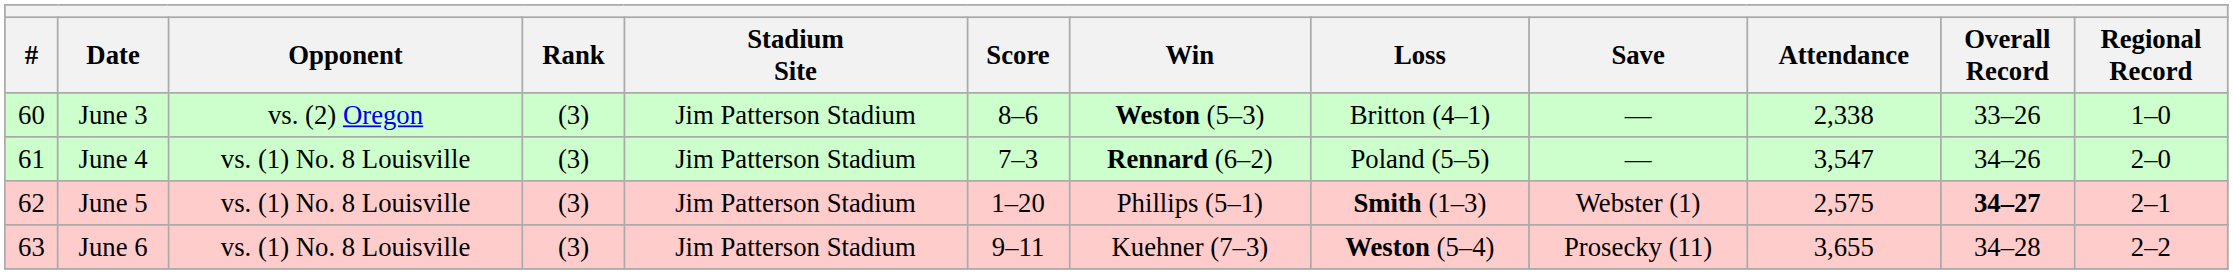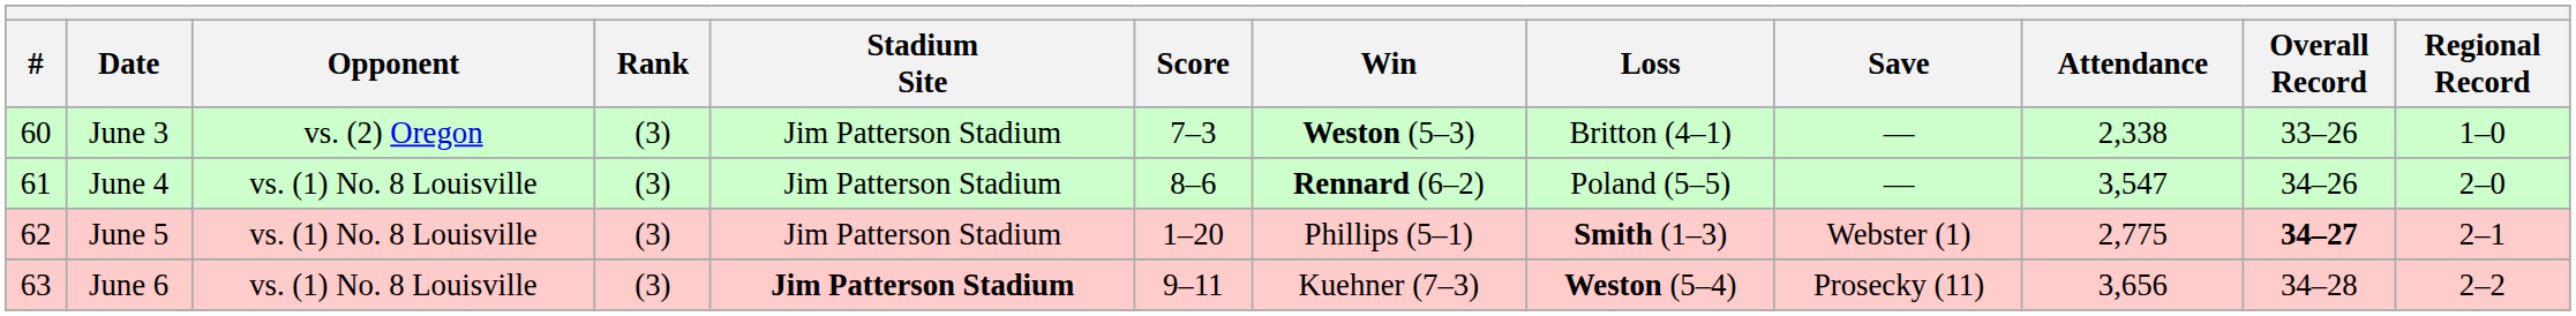 <table class="wikitable collapsible collapsed" style="margin:auto; width:100%; text-align:center; font-size:95%">
 <tr>
 <th colspan=12 style="padding-left:4em;"></th>
 </tr>
 <tr>
 <th>#</th>
 <th>Date</th>
 <th>Opponent</th>
 <th>Rank</th>
 <th>Stadium<br>Site</th>
 <th>Score</th>
 <th>Win</th>
 <th>Loss</th>
 <th>Save</th>
 <th>Attendance</th>
 <th>Overall<br>Record</th>
 <th>Regional<br>Record</th>
 </tr>
 <tr align="center" bgcolor="#ccffcc">
 <td>60</td>
 <td>June 3</td>
 <td>vs. (2) <a href='#'>Oregon</a></td>
 <td>(3)</td>
 <td>Jim Patterson Stadium</td>
-<td>8–6</td>
+<td>7–3</td>
 <td><strong>Weston</strong> (5–3)</td>
 <td>Britton (4–1)</td>
 <td>—</td>
 <td>2,338</td>
 <td>33–26</td>
 <td>1–0</td>
 </tr>
 <tr align="center" bgcolor="#ccffcc">
 <td>61</td>
 <td>June 4</td>
 <td>vs. (1) No. 8 Louisville</td>
 <td>(3)</td>
 <td>Jim Patterson Stadium</td>
-<td>7–3</td>
+<td>8–6</td>
 <td><strong>Rennard</strong> (6–2)</td>
 <td>Poland (5–5)</td>
 <td>—</td>
 <td>3,547</td>
 <td>34–26</td>
 <td>2–0</td>
 </tr>
 <tr align="center" bgcolor="#ffcccc">
 <td>62</td>
 <td>June 5</td>
 <td>vs. (1) No. 8 Louisville</td>
 <td>(3)</td>
 <td>Jim Patterson Stadium</td>
 <td>1–20</td>
 <td>Phillips (5–1)</td>
 <td><strong>Smith</strong> (1–3)</td>
 <td>Webster (1)</td>
-<td>2,575</td>
+<td>2,775</td>
 <td><strong>34–27</strong></td>
 <td>2–1</td>
 </tr>
 <tr align="center" bgcolor="#ffcccc">
 <td>63</td>
 <td>June 6</td>
 <td>vs. (1) No. 8 Louisville</td>
 <td>(3)</td>
-<td>Jim Patterson Stadium</td>
+<td><strong>Jim Patterson Stadium</strong></td>
 <td>9–11</td>
 <td>Kuehner (7–3)</td>
 <td><strong>Weston</strong> (5–4)</td>
 <td>Prosecky (11)</td>
-<td>3,655</td>
+<td>3,656</td>
 <td>34–28</td>
 <td>2–2</td>
 </tr>
 </table>
